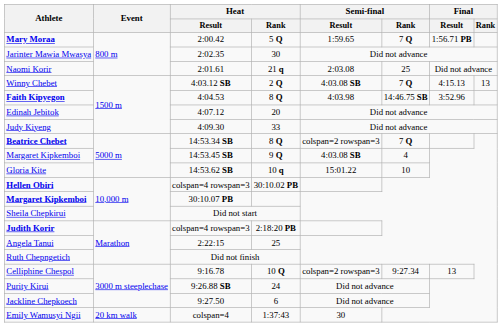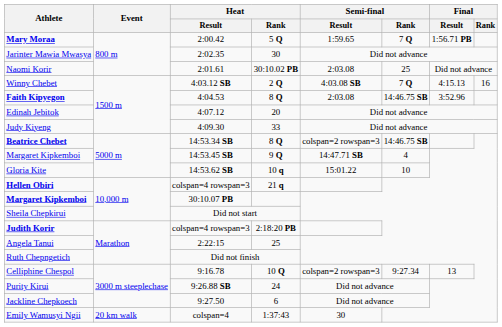 <table class="wikitable" style="font-size:90%">
 <tr>
 <th rowspan="2">Athlete</th>
 <th rowspan="2">Event</th>
 <th colspan="2">Heat</th>
 <th colspan="2">Semi-final</th>
 <th colspan="2">Final</th>
 </tr>
 <tr style="font-size:95%">
 <th>Result</th>
 <th>Rank</th>
 <th>Result</th>
 <th>Rank</th>
 <th>Result</th>
 <th>Rank</th>
 </tr>
 <tr align=center>
 <td align=left><strong><a href='#'>Mary Moraa</a></strong></td>
 <td align=left rowspan=3><a href='#'>800 m</a></td>
 <td>2:00.42</td>
 <td>5 <strong>Q</strong></td>
 <td>1:59.65</td>
 <td>7 <strong>Q</strong></td>
 <td>1:56.71 <strong>PB</strong></td>
 <td></td>
 </tr>
 <tr align=center>
 <td align=left><a href='#'>Jarinter Mawia Mwasya</a></td>
 <td>2:02.35</td>
 <td>30</td>
 <td colspan="4">Did not advance</td>
 </tr>
 <tr align=center>
 <td align=left><a href='#'>Naomi Korir</a></td>
 <td>2:01.61</td>
-<td>21 <strong>q</strong></td>
+<td>30:10.02 <strong>PB</strong></td>
 <td>2:03.08</td>
 <td>25</td>
 <td colspan="2">Did not advance</td>
 </tr>
 <tr align=center>
 <td align=left><a href='#'>Winny Chebet</a></td>
 <td align=left rowspan=4><a href='#'>1500 m</a></td>
 <td>4:03.12 <strong>SB</strong></td>
 <td>2 <strong>Q</strong></td>
 <td>4:03.08 <strong>SB</strong></td>
 <td>7 <strong>Q</strong></td>
 <td>4:15.13</td>
-<td>13</td>
+<td>16</td>
 </tr>
 <tr align=center>
 <td align=left><strong><a href='#'>Faith Kipyegon</a></strong></td>
 <td>4:04.53</td>
 <td>8 <strong>Q</strong></td>
-<td>4:03.98</td>
+<td>2:03.08</td>
 <td>14:46.75  <strong>SB</strong></td>
 <td>3:52.96</td>
 <td></td>
 </tr>
 <tr align=center>
 <td align=left><a href='#'>Edinah Jebitok</a></td>
 <td>4:07.12</td>
 <td>20</td>
 <td colspan="4">Did not advance</td>
 </tr>
 <tr align=center>
 <td align=left><a href='#'>Judy Kiyeng</a></td>
 <td>4:09.30</td>
 <td>33</td>
 <td colspan="4">Did not advance</td>
 </tr>
 <tr align=center>
 <td align=left><strong><a href='#'>Beatrice Chebet</a></strong></td>
 <td align=left rowspan=3><a href='#'>5000 m</a></td>
 <td>14:53.34 <strong>SB</strong></td>
 <td>8 <strong>Q</strong></td>
 <td>colspan=2 rowspan=3 </td>
-<td>7 <strong>Q</strong></td>
+<td>14:46.75  <strong>SB</strong></td>
 <td></td>
 </tr>
 <tr align=center>
 <td align=left><a href='#'>Margaret Kipkemboi</a></td>
 <td>14:53.45 <strong>SB</strong></td>
 <td>9 <strong>Q</strong></td>
-<td>4:03.08 <strong>SB</strong></td>
+<td>14:47.71 <strong>SB</strong></td>
 <td>4</td>
 </tr>
 <tr align=center>
 <td align=left><a href='#'>Gloria Kite</a></td>
 <td>14:53.62 <strong>SB</strong></td>
 <td>10 <strong>q</strong></td>
 <td>15:01.22</td>
 <td>10</td>
 </tr>
 <tr align=center>
 <td align=left><strong><a href='#'>Hellen Obiri</a></strong></td>
 <td align=left rowspan=3><a href='#'>10,000 m</a></td>
 <td>colspan=4 rowspan=3 </td>
-<td>30:10.02 <strong>PB</strong></td>
+<td>21 <strong>q</strong></td>
 <td></td>
 </tr>
 <tr align=center>
 <td align=left><strong><a href='#'>Margaret Kipkemboi</a></strong></td>
 <td>30:10.07 <strong>PB</strong></td>
 <td></td>
 </tr>
 <tr align=center>
 <td align=left><a href='#'>Sheila Chepkirui</a></td>
 <td colspan=2>Did not start</td>
 </tr>
 <tr align=center>
 <td align=left><strong><a href='#'>Judith Korir</a></strong></td>
 <td align=left rowspan=3><a href='#'>Marathon</a></td>
 <td>colspan=4 rowspan=3</td>
 <td>2:18:20 <strong>PB</strong></td>
 <td></td>
 </tr>
 <tr align=center>
 <td align=left><a href='#'>Angela Tanui</a></td>
 <td>2:22:15</td>
 <td>25</td>
 </tr>
 <tr align=center>
 <td align=left><a href='#'>Ruth Chepngetich</a></td>
 <td colspan=2>Did not finish</td>
 </tr>
 <tr align=center>
 <td align=left><a href='#'>Celliphine Chespol</a></td>
 <td align=left rowspan=3><a href='#'>3000 m steeplechase</a></td>
 <td>9:16.78</td>
 <td>10 <strong>Q</strong></td>
 <td>colspan=2 rowspan=3 </td>
 <td>9:27.34</td>
 <td>13</td>
 </tr>
 <tr align=center>
 <td align=left><a href='#'>Purity Kirui</a></td>
 <td>9:26.88 <strong>SB</strong></td>
 <td>24</td>
 <td colspan="2">Did not advance</td>
 </tr>
 <tr align=center>
 <td align=left><a href='#'>Jackline Chepkoech</a></td>
 <td>9:27.50</td>
 <td>6</td>
 <td colspan="2">Did not advance</td>
 </tr>
 <tr align=center>
 <td align=left><a href='#'>Emily Wamusyi Ngii</a></td>
 <td align=left><a href='#'>20 km walk</a></td>
 <td>colspan=4  </td>
 <td>1:37:43</td>
 <td>30</td>
 </tr>
 </table>
